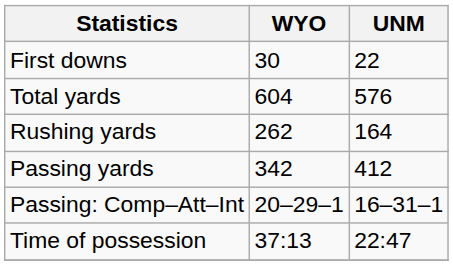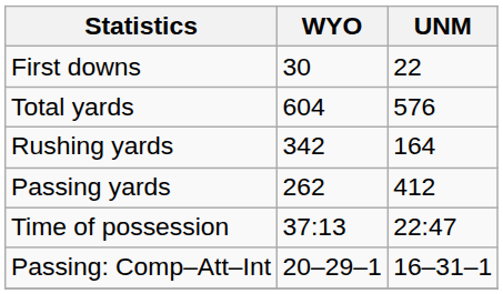 <table class="wikitable" style="float: left;">
 <tr>
 <th>Statistics</th>
 <th>WYO</th>
 <th>UNM</th>
 </tr>
 <tr>
 <td>First downs</td>
 <td>30</td>
 <td>22</td>
 </tr>
 <tr>
 <td>Total yards</td>
 <td>604</td>
 <td>576</td>
 </tr>
 <tr>
 <td>Rushing yards</td>
-<td>262</td>
+<td>342</td>
 <td>164</td>
 </tr>
 <tr>
 <td>Passing yards</td>
-<td>342</td>
+<td>262</td>
 <td>412</td>
+</tr>
+<tr>
+<td>Time of possession</td>
+<td>37:13</td>
+<td>22:47</td>
 </tr>
 <tr>
 <td>Passing: Comp–Att–Int</td>
 <td>20–29–1</td>
 <td>16–31–1</td>
 </tr>
 <tr>
-<td>Time of possession</td>
-<td>37:13</td>
-<td>22:47</td>
-</tr>
-<tr>
 </tr>
 </table>
